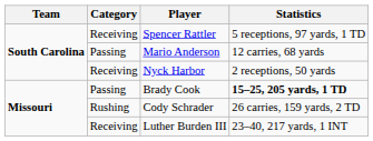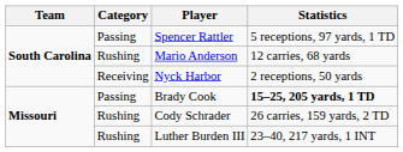 <table class="wikitable" style="float: right;">
 <tr>
 <th>Team</th>
 <th>Category</th>
 <th>Player</th>
 <th>Statistics</th>
 </tr>
 <tr>
 <td rowspan=3><strong>South Carolina</strong></td>
-<td>Receiving</td>
+<td>Passing</td>
 <td><a href='#'>Spencer Rattler</a></td>
 <td>5 receptions, 97 yards, 1 TD</td>
 </tr>
 <tr>
-<td>Passing</td>
+<td>Rushing</td>
 <td><a href='#'>Mario Anderson</a></td>
 <td>12 carries, 68 yards</td>
 </tr>
 <tr>
 <td>Receiving</td>
 <td><a href='#'>Nyck Harbor</a></td>
 <td>2 receptions, 50 yards</td>
 </tr>
 <tr>
 <td rowspan=3><strong>Missouri</strong></td>
 <td>Passing</td>
 <td>Brady Cook</td>
 <td><strong>15–25, 205 yards, 1 TD</strong></td>
 </tr>
 <tr>
 <td>Rushing</td>
 <td>Cody Schrader</td>
 <td>26 carries, 159 yards, 2 TD</td>
 </tr>
 <tr>
-<td>Receiving</td>
+<td>Rushing</td>
 <td>Luther Burden III</td>
 <td>23–40, 217 yards, 1 INT</td>
 </tr>
 </table>
